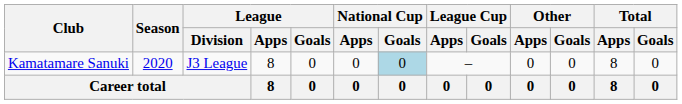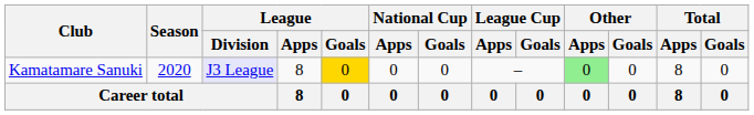 <table class="wikitable" style="text-align: center">
 <tr>
 <th rowspan="2">Club</th>
 <th rowspan="2">Season</th>
 <th colspan="3">League</th>
 <th colspan="2">National Cup</th>
 <th colspan="2">League Cup</th>
 <th colspan="2">Other</th>
 <th colspan="2">Total</th>
 </tr>
 <tr>
 <th>Division</th>
 <th>Apps</th>
 <th>Goals</th>
 <th>Apps</th>
 <th>Goals</th>
 <th>Apps</th>
 <th>Goals</th>
 <th>Apps</th>
 <th>Goals</th>
 <th>Apps</th>
 <th>Goals</th>
 </tr>
 <tr>
 <td><a href='#'>Kamatamare Sanuki</a></td>
 <td><a href='#'>2020</a></td>
-<td><a href='#'>J3 League</a></td>
+<td style="background: lavender;"><a href='#'>J3 League</a></td>
 <td>8</td>
+<td style="background: gold;">0</td>
 <td>0</td>
 <td>0</td>
-<td style="background: lightblue;">0</td>
 <td colspan="2">–</td>
-<td>0</td>
+<td style="background: lightgreen;">0</td>
 <td>0</td>
 <td>8</td>
 <td>0</td>
 </tr>
 <tr>
 <th colspan=3>Career total</th>
 <th>8</th>
 <th>0</th>
 <th>0</th>
 <th>0</th>
 <th>0</th>
 <th>0</th>
 <th>0</th>
 <th>0</th>
 <th>8</th>
 <th>0</th>
 </tr>
 </table>
